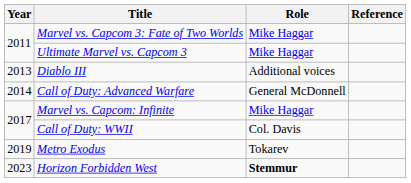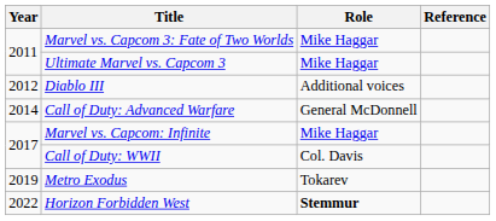 <table class="wikitable sortable">
 <tr>
 <th>Year</th>
 <th>Title</th>
 <th>Role</th>
 <th>Reference</th>
 </tr>
 <tr>
 <td rowspan="2">2011</td>
 <td><em><a href='#'>Marvel vs. Capcom 3: Fate of Two Worlds</a></em></td>
 <td><a href='#'>Mike Haggar</a></td>
 <td></td>
 </tr>
 <tr>
 <td><em><a href='#'>Ultimate Marvel vs. Capcom 3</a></em></td>
 <td><a href='#'>Mike Haggar</a></td>
 <td></td>
 </tr>
 <tr>
-<td>2013</td>
+<td>2012</td>
 <td><em><a href='#'>Diablo III</a></em></td>
 <td>Additional voices</td>
 <td></td>
 </tr>
 <tr>
 <td>2014</td>
 <td><em><a href='#'>Call of Duty: Advanced Warfare</a></em></td>
 <td>General McDonnell</td>
 <td></td>
 </tr>
 <tr>
 <td rowspan="2">2017</td>
 <td><em><a href='#'>Marvel vs. Capcom: Infinite</a></em></td>
 <td><a href='#'>Mike Haggar</a></td>
 <td></td>
 </tr>
 <tr>
 <td><em><a href='#'>Call of Duty: WWII</a></em></td>
 <td>Col. Davis</td>
 <td></td>
 </tr>
 <tr>
 <td>2019</td>
 <td><em><a href='#'>Metro Exodus</a></em></td>
 <td>Tokarev</td>
 <td></td>
 </tr>
 <tr>
-<td>2023</td>
+<td>2022</td>
 <td><em><a href='#'>Horizon Forbidden West</a></em></td>
 <td><strong>Stemmur</strong></td>
 <td></td>
 </tr>
 </table>
